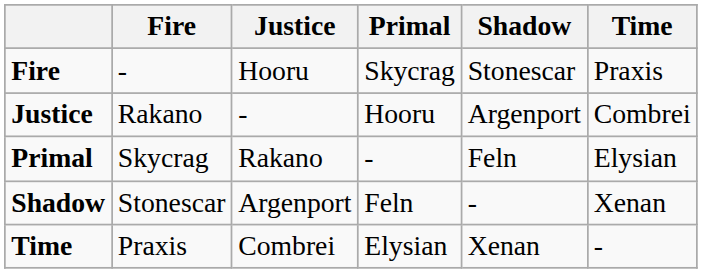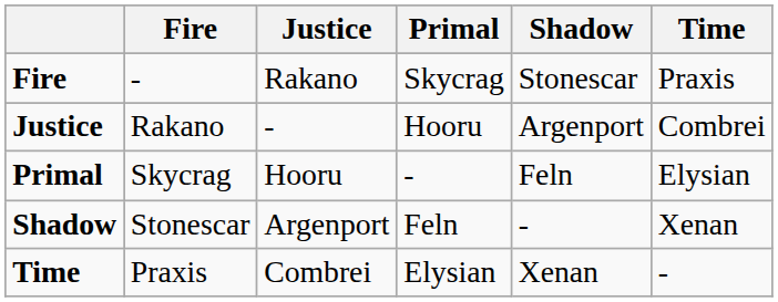 <table class="wikitable">
 <tr>
 <th></th>
 <th>Fire</th>
 <th>Justice</th>
 <th>Primal</th>
 <th>Shadow</th>
 <th>Time</th>
 </tr>
 <tr>
 <td><strong>Fire</strong></td>
 <td>-</td>
-<td>Hooru</td>
+<td>Rakano</td>
 <td>Skycrag</td>
 <td>Stonescar</td>
 <td>Praxis</td>
 </tr>
 <tr>
 <td><strong>Justice</strong></td>
 <td>Rakano</td>
 <td>-</td>
 <td>Hooru</td>
 <td>Argenport</td>
 <td>Combrei</td>
 </tr>
 <tr>
 <td><strong>Primal</strong></td>
 <td>Skycrag</td>
-<td>Rakano</td>
+<td>Hooru</td>
 <td>-</td>
 <td>Feln</td>
 <td>Elysian</td>
 </tr>
 <tr>
 <td><strong>Shadow</strong></td>
 <td>Stonescar</td>
 <td>Argenport</td>
 <td>Feln</td>
 <td>-</td>
 <td>Xenan</td>
 </tr>
 <tr>
 <td><strong>Time</strong></td>
 <td>Praxis</td>
 <td>Combrei</td>
 <td>Elysian</td>
 <td>Xenan</td>
 <td>-</td>
 </tr>
 </table>
